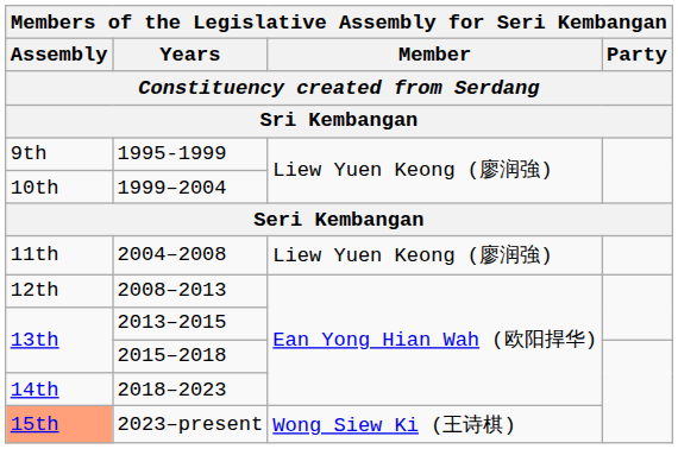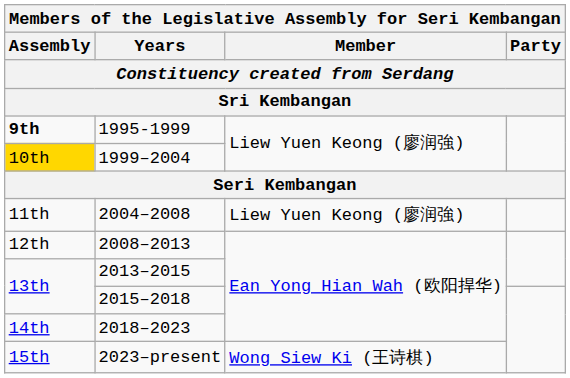 <table class=wikitable>
 <tr>
 <th colspan=4>Members of the Legislative Assembly for Seri Kembangan</th>
 </tr>
 <tr>
 <th>Assembly</th>
 <th>Years</th>
 <th>Member</th>
 <th>Party</th>
 </tr>
 <tr>
 <th colspan=4 align=center><em>Constituency created from Serdang</em></th>
 </tr>
 <tr>
 <th colspan=4 align=center>Sri Kembangan</th>
 </tr>
 <tr>
-<td>9th</td>
+<td><strong>9th</strong></td>
 <td>1995-1999</td>
 <td rowspan=2>Liew Yuen Keong (廖润強)</td>
 <td rowspan=2></td>
 </tr>
 <tr>
-<td>10th</td>
+<td style="background: gold;">10th</td>
 <td>1999–2004</td>
 </tr>
 <tr>
 <th colspan=4 align=center>Seri Kembangan</th>
 </tr>
 <tr>
 <td>11th</td>
 <td>2004–2008</td>
 <td>Liew Yuen Keong  (廖润強)</td>
 <td></td>
 </tr>
 <tr>
 <td>12th</td>
 <td>2008–2013</td>
 <td rowspan=4><a href='#'>Ean Yong Hian Wah</a> (欧阳捍华)</td>
 <td rowspan=2></td>
 </tr>
 <tr>
 <td rowspan=2><a href='#'>13th</a></td>
 <td>2013–2015</td>
 </tr>
 <tr>
 <td>2015–2018</td>
 <td rowspan=3></td>
 </tr>
 <tr>
 <td><a href='#'>14th</a></td>
 <td>2018–2023</td>
 </tr>
 <tr>
-<td style="background: lightsalmon;"><a href='#'>15th</a></td>
+<td><a href='#'>15th</a></td>
 <td>2023–present</td>
 <td><a href='#'>Wong Siew Ki</a> (王诗棋)</td>
 </tr>
 </table>
